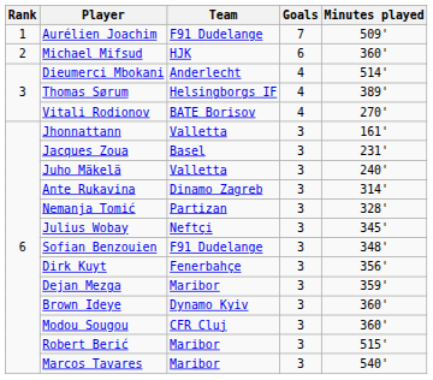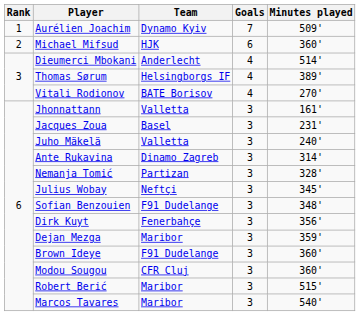 <table class="wikitable" style="text-align:center">
 <tr>
 <th>Rank</th>
 <th>Player</th>
 <th>Team</th>
 <th>Goals</th>
 <th>Minutes played</th>
 </tr>
 <tr>
 <td>1</td>
 <td align=left> <a href='#'>Aurélien Joachim</a></td>
-<td align=left> <a href='#'>F91 Dudelange</a></td>
+<td align=left> <a href='#'>Dynamo Kyiv</a></td>
 <td>7</td>
 <td>509'</td>
 </tr>
 <tr>
 <td>2</td>
 <td align=left> <a href='#'>Michael Mifsud</a></td>
 <td align=left> <a href='#'>HJK</a></td>
 <td>6</td>
 <td>360'</td>
 </tr>
 <tr>
 <td rowspan=3>3</td>
 <td align=left> <a href='#'>Dieumerci Mbokani</a></td>
 <td align=left> <a href='#'>Anderlecht</a></td>
 <td>4</td>
 <td>514'</td>
 </tr>
 <tr>
 <td align=left> <a href='#'>Thomas Sørum</a></td>
 <td align=left> <a href='#'>Helsingborgs IF</a></td>
 <td>4</td>
 <td>389'</td>
 </tr>
 <tr>
 <td align=left> <a href='#'>Vitali Rodionov</a></td>
 <td align=left> <a href='#'>BATE Borisov</a></td>
 <td>4</td>
 <td>270'</td>
 </tr>
 <tr>
 <td rowspan=13>6</td>
 <td align=left> <a href='#'>Jhonnattann</a></td>
 <td align=left> <a href='#'>Valletta</a></td>
 <td>3</td>
 <td>161'</td>
 </tr>
 <tr>
 <td align=left> <a href='#'>Jacques Zoua</a></td>
 <td align=left> <a href='#'>Basel</a></td>
 <td>3</td>
 <td>231'</td>
 </tr>
 <tr>
 <td align=left> <a href='#'>Juho Mäkelä</a></td>
 <td align=left> <a href='#'>Valletta</a></td>
 <td>3</td>
 <td>240'</td>
 </tr>
 <tr>
 <td align=left> <a href='#'>Ante Rukavina</a></td>
 <td align=left> <a href='#'>Dinamo Zagreb</a></td>
 <td>3</td>
 <td>314'</td>
 </tr>
 <tr>
 <td align=left> <a href='#'>Nemanja Tomić</a></td>
 <td align=left> <a href='#'>Partizan</a></td>
 <td>3</td>
 <td>328'</td>
 </tr>
 <tr>
 <td align=left> <a href='#'>Julius Wobay</a></td>
 <td align=left> <a href='#'>Neftçi</a></td>
 <td>3</td>
 <td>345'</td>
 </tr>
 <tr>
 <td align=left> <a href='#'>Sofian Benzouien</a></td>
 <td align=left> <a href='#'>F91 Dudelange</a></td>
 <td>3</td>
 <td>348'</td>
 </tr>
 <tr>
 <td align=left> <a href='#'>Dirk Kuyt</a></td>
 <td align=left> <a href='#'>Fenerbahçe</a></td>
 <td>3</td>
 <td>356'</td>
 </tr>
 <tr>
 <td align=left> <a href='#'>Dejan Mezga</a></td>
 <td align=left> <a href='#'>Maribor</a></td>
 <td>3</td>
 <td>359'</td>
 </tr>
 <tr>
 <td align=left> <a href='#'>Brown Ideye</a></td>
-<td align=left> <a href='#'>Dynamo Kyiv</a></td>
+<td align=left> <a href='#'>F91 Dudelange</a></td>
 <td>3</td>
 <td>360'</td>
 </tr>
 <tr>
 <td align=left> <a href='#'>Modou Sougou</a></td>
 <td align=left> <a href='#'>CFR Cluj</a></td>
 <td>3</td>
 <td>360'</td>
 </tr>
 <tr>
 <td align=left> <a href='#'>Robert Berić</a></td>
 <td align=left> <a href='#'>Maribor</a></td>
 <td>3</td>
 <td>515'</td>
 </tr>
 <tr>
 <td align=left> <a href='#'>Marcos Tavares</a></td>
 <td align=left> <a href='#'>Maribor</a></td>
 <td>3</td>
 <td>540'</td>
 </tr>
 </table>
